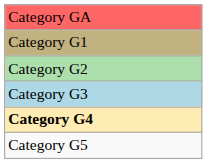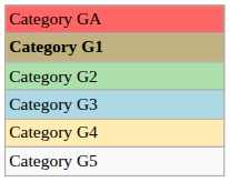 <table class="wikitable" style="font-size:85%;" width=11%>
 <tr bgcolor=#FF6666>
 <td>Category GA</td>
 </tr>
 <tr bgcolor=#C2B280>
-<td>Category G1</td>
+<td><strong>Category G1</strong></td>
 </tr>
 <tr bgcolor="#ADDFAD">
 <td>Category G2</td>
 </tr>
 <tr bgcolor="lightblue">
 <td>Category G3</td>
 </tr>
 <tr bgcolor=#ffecb2>
-<td><strong>Category G4</strong></td>
+<td>Category G4</td>
 </tr>
 <tr>
 <td>Category G5</td>
 </tr>
 </table>
